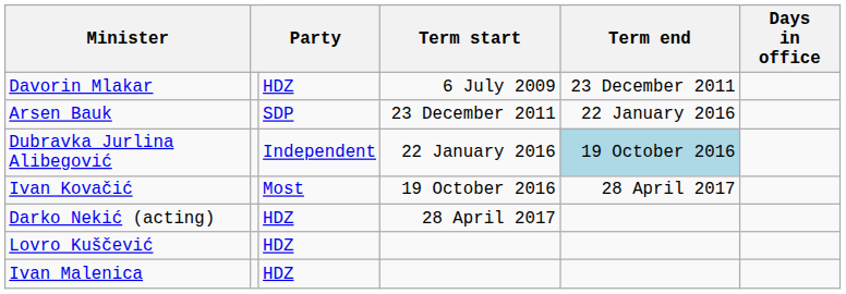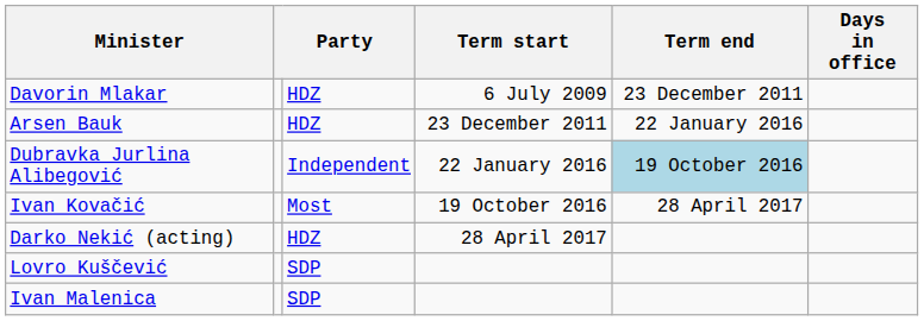 <table class="wikitable" style="text-align: left;">
 <tr>
 <th width="180">Minister</th>
 <th colspan=2 width="80">Party</th>
 <th width="130">Term start</th>
 <th width="130">Term end</th>
 <th width=70>Days<br> in office</th>
 </tr>
 <tr>
 <td><a href='#'>Davorin Mlakar</a></td>
 <td style="background-color: "></td>
 <td><a href='#'>HDZ</a></td>
 <td align=right>6 July 2009</td>
 <td align=right>23 December 2011</td>
 <td align=right></td>
 </tr>
 <tr>
 <td><a href='#'>Arsen Bauk</a></td>
 <td style="background-color: "></td>
-<td><a href='#'>SDP</a></td>
+<td><a href='#'>HDZ</a></td>
 <td align=right>23 December 2011</td>
 <td align=right>22 January 2016</td>
 <td align=right></td>
 </tr>
 <tr>
 <td><a href='#'>Dubravka Jurlina Alibegović</a></td>
 <td style="background-color: "></td>
 <td><a href='#'>Independent</a></td>
 <td align=right>22 January 2016</td>
 <td align=right style="background: lightblue;">19 October 2016</td>
 <td align=right></td>
 </tr>
 <tr>
 <td><a href='#'>Ivan Kovačić</a></td>
 <td style="background-color: "></td>
 <td><a href='#'>Most</a></td>
 <td align=right>19 October 2016</td>
 <td align=right>28 April 2017</td>
 <td align=right></td>
 </tr>
 <tr>
 <td><a href='#'>Darko Nekić</a> (acting)</td>
 <td style="background-color: "></td>
 <td><a href='#'>HDZ</a></td>
 <td align=right>28 April 2017</td>
 <td align=right></td>
 <td align=right></td>
 </tr>
 <tr>
 <td><a href='#'>Lovro Kuščević</a></td>
 <td style="background-color: "></td>
-<td><a href='#'>HDZ</a></td>
+<td><a href='#'>SDP</a></td>
 <td align=right></td>
 <td align=right></td>
 <td align=right></td>
 </tr>
 <tr>
 <td><a href='#'>Ivan Malenica</a></td>
 <td style="background-color: "></td>
-<td><a href='#'>HDZ</a></td>
+<td><a href='#'>SDP</a></td>
 <td align=right></td>
 <td align=right></td>
 <td align=right></td>
 </tr>
 </table>
